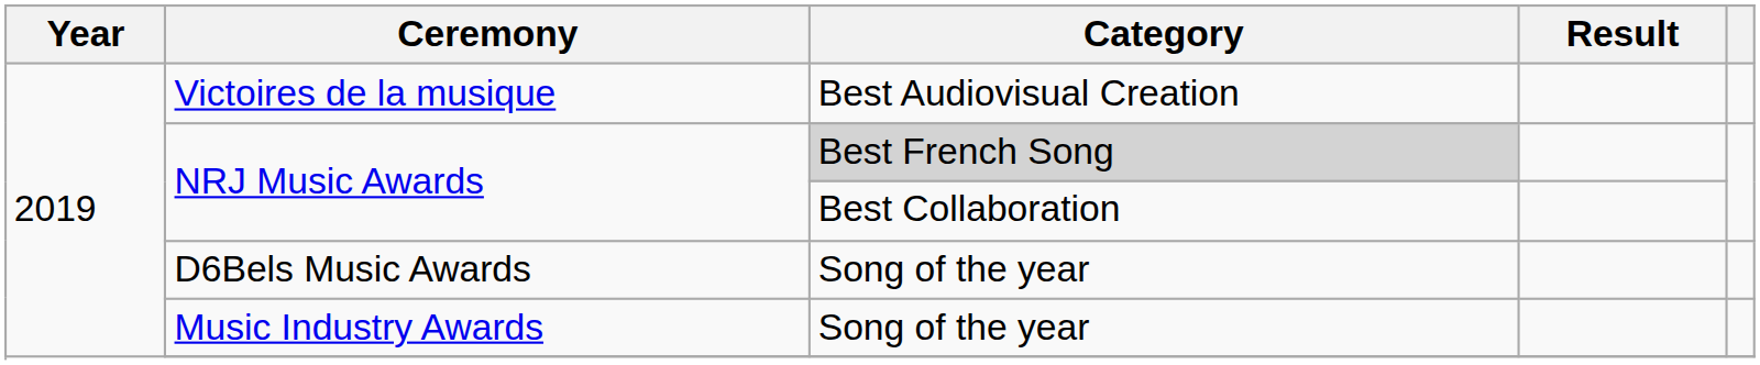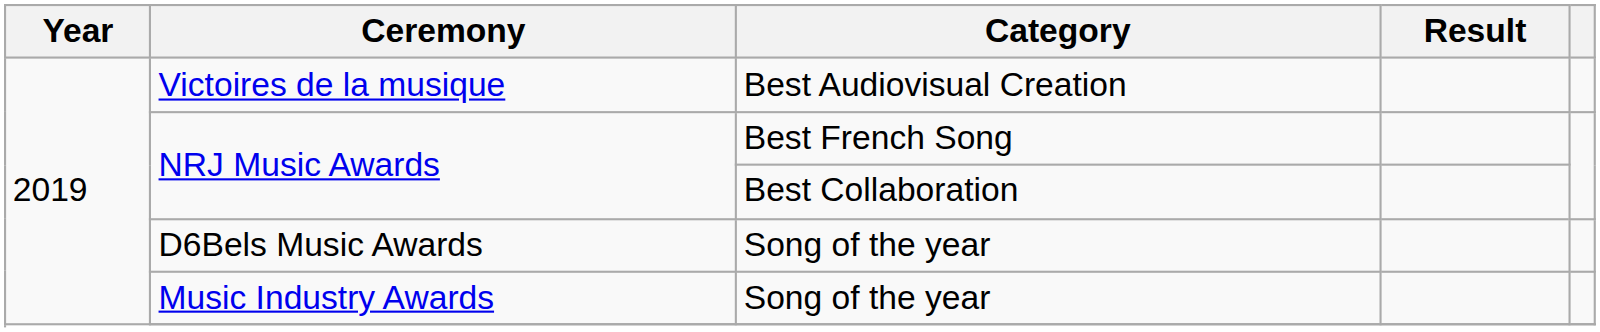 <table class="wikitable sortable plainrowheaders" style="width: 60%;">
 <tr>
 <th scope="col">Year</th>
 <th scope="col">Ceremony</th>
 <th scope="col">Category</th>
 <th scope="col">Result</th>
 <th scope="col" class="unsortable"></th>
 </tr>
 <tr>
 <td rowspan="6">2019</td>
 <td><a href='#'>Victoires de la musique</a></td>
 <td>Best Audiovisual Creation</td>
 <td></td>
 <td></td>
 </tr>
 <tr>
 <td rowspan="2"><a href='#'>NRJ Music Awards</a></td>
-<td style="background: lightgrey;">Best French Song</td>
+<td>Best French Song</td>
 <td></td>
 <td rowspan="2"></td>
 </tr>
 <tr>
 <td>Best Collaboration</td>
 <td></td>
 </tr>
 <tr>
 <td rowspan="1">D6Bels Music Awards</td>
 <td>Song of the year</td>
 <td></td>
 <td></td>
 </tr>
 <tr>
 <td><a href='#'>Music Industry Awards</a></td>
 <td>Song of the year</td>
 <td></td>
 <td></td>
 </tr>
 <tr>
 </tr>
 </table>
